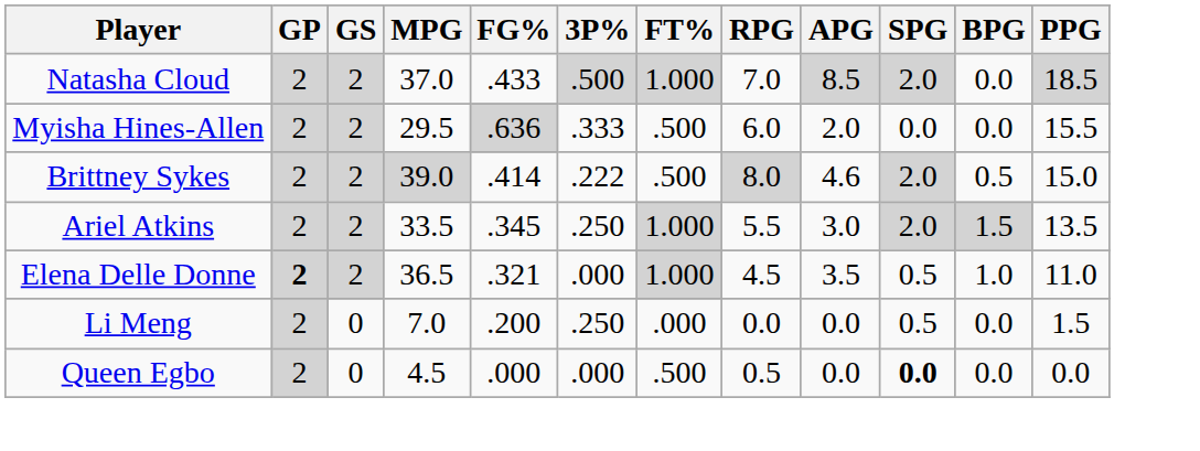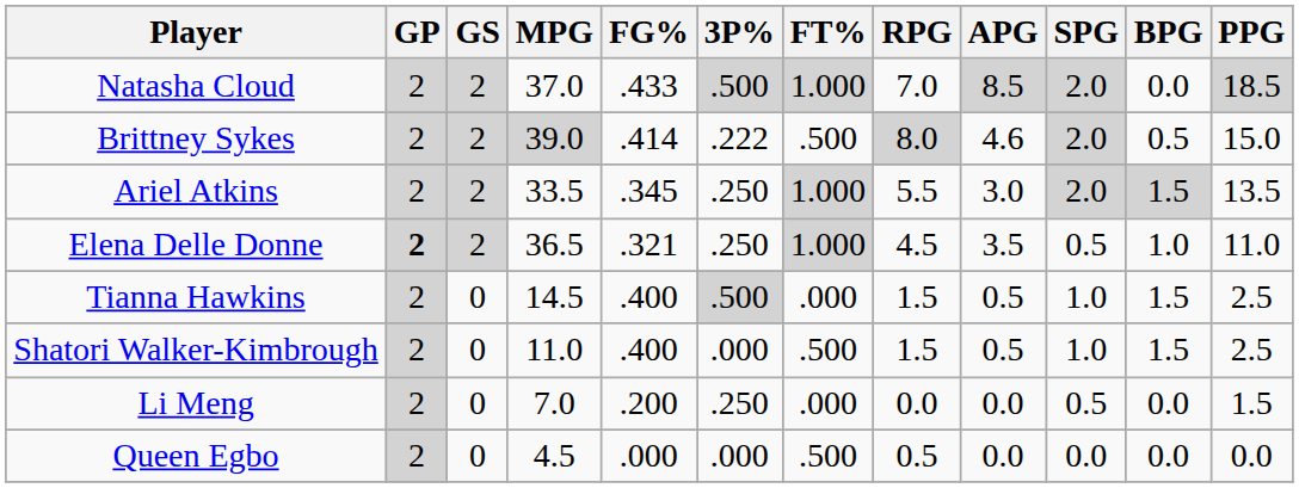 <table class="wikitable sortable" style="text-align:center;">
 <tr>
 <th>Player</th>
 <th>GP</th>
 <th>GS</th>
 <th>MPG</th>
 <th>FG%</th>
 <th>3P%</th>
 <th>FT%</th>
 <th>RPG</th>
 <th>APG</th>
 <th>SPG</th>
 <th>BPG</th>
 <th>PPG</th>
 </tr>
 <tr>
 <td><a href='#'>Natasha Cloud</a></td>
 <td style="background:#D3D3D3;">2</td>
 <td style="background:#D3D3D3;">2</td>
 <td>37.0</td>
 <td>.433</td>
 <td style="background:#D3D3D3;">.500</td>
 <td style="background:#D3D3D3;">1.000</td>
 <td>7.0</td>
 <td style="background:#D3D3D3;">8.5</td>
 <td style="background:#D3D3D3;">2.0</td>
 <td>0.0</td>
 <td style="background:#D3D3D3;">18.5</td>
-</tr>
-<tr>
-<td><a href='#'>Myisha Hines-Allen</a></td>
-<td style="background:#D3D3D3;">2</td>
-<td style="background:#D3D3D3;">2</td>
-<td>29.5</td>
-<td style="background:#D3D3D3;">.636</td>
-<td>.333</td>
-<td>.500</td>
-<td>6.0</td>
-<td>2.0</td>
-<td>0.0</td>
-<td>0.0</td>
-<td>15.5</td>
 </tr>
 <tr>
 <td><a href='#'>Brittney Sykes</a></td>
 <td style="background:#D3D3D3;">2</td>
 <td style="background:#D3D3D3;">2</td>
 <td style="background:#D3D3D3;">39.0</td>
 <td>.414</td>
 <td>.222</td>
 <td>.500</td>
 <td style="background:#D3D3D3;">8.0</td>
 <td>4.6</td>
 <td style="background:#D3D3D3;">2.0</td>
 <td>0.5</td>
 <td>15.0</td>
 </tr>
 <tr>
 <td><a href='#'>Ariel Atkins</a></td>
 <td style="background:#D3D3D3;">2</td>
 <td style="background:#D3D3D3;">2</td>
 <td>33.5</td>
 <td>.345</td>
 <td>.250</td>
 <td style="background:#D3D3D3;">1.000</td>
 <td>5.5</td>
 <td>3.0</td>
 <td style="background:#D3D3D3;">2.0</td>
 <td style="background:#D3D3D3;">1.5</td>
 <td>13.5</td>
 </tr>
 <tr>
 <td><a href='#'>Elena Delle Donne</a></td>
 <td style="background:#D3D3D3;"><strong>2</strong></td>
 <td style="background:#D3D3D3;">2</td>
 <td>36.5</td>
 <td>.321</td>
-<td>.000</td>
+<td>.250</td>
 <td style="background:#D3D3D3;">1.000</td>
 <td>4.5</td>
 <td>3.5</td>
 <td>0.5</td>
 <td>1.0</td>
 <td>11.0</td>
+</tr>
+<tr>
+<td><a href='#'>Tianna Hawkins</a></td>
+<td style="background:#D3D3D3;">2</td>
+<td>0</td>
+<td>14.5</td>
+<td>.400</td>
+<td style="background:#D3D3D3;">.500</td>
+<td>.000</td>
+<td>1.5</td>
+<td>0.5</td>
+<td>1.0</td>
+<td>1.5</td>
+<td>2.5</td>
+</tr>
+<tr>
+<td><a href='#'>Shatori Walker-Kimbrough</a></td>
+<td style="background:#D3D3D3;">2</td>
+<td>0</td>
+<td>11.0</td>
+<td>.400</td>
+<td>.000</td>
+<td>.500</td>
+<td>1.5</td>
+<td>0.5</td>
+<td>1.0</td>
+<td>1.5</td>
+<td>2.5</td>
 </tr>
 <tr>
 <td><a href='#'>Li Meng</a></td>
 <td style="background:#D3D3D3;">2</td>
 <td>0</td>
 <td>7.0</td>
 <td>.200</td>
 <td>.250</td>
 <td>.000</td>
 <td>0.0</td>
 <td>0.0</td>
 <td>0.5</td>
 <td>0.0</td>
 <td>1.5</td>
 </tr>
 <tr>
 <td><a href='#'>Queen Egbo</a></td>
 <td style="background:#D3D3D3;">2</td>
 <td>0</td>
 <td>4.5</td>
 <td>.000</td>
 <td>.000</td>
 <td>.500</td>
 <td>0.5</td>
 <td>0.0</td>
-<td><strong>0.0</strong></td>
+<td>0.0</td>
 <td>0.0</td>
 <td>0.0</td>
 </tr>
 </table>
